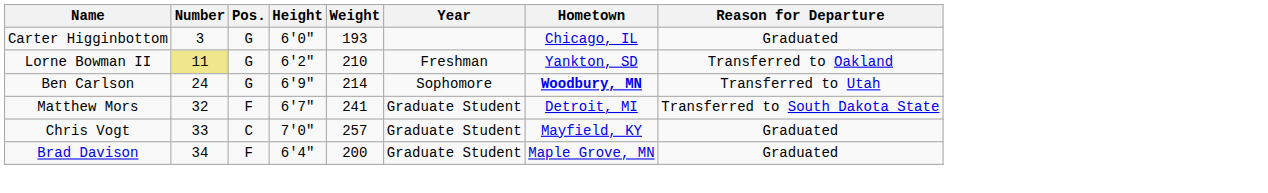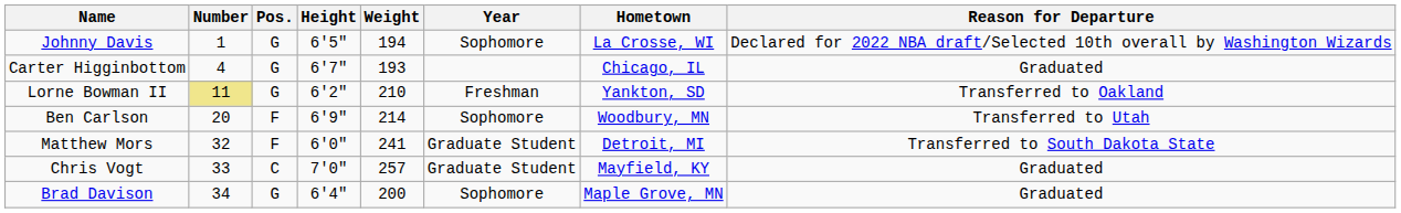 <table class="wikitable sortable" style="text-align: center">
 <tr align=center>
 <th>Name</th>
 <th>Number</th>
 <th>Pos.</th>
 <th>Height</th>
 <th>Weight</th>
 <th>Year</th>
 <th>Hometown</th>
 <th>Reason for Departure</th>
 </tr>
 <tr>
+<td><a href='#'>Johnny Davis</a></td>
+<td>1</td>
+<td>G</td>
+<td>6'5"</td>
+<td>194</td>
+<td>Sophomore</td>
+<td><a href='#'>La Crosse, WI</a></td>
+<td>Declared for <a href='#'>2022 NBA draft</a>/Selected 10th overall by <a href='#'>Washington Wizards</a></td>
+</tr>
+<tr>
 <td>Carter Higginbottom</td>
-<td>3</td>
+<td>4</td>
 <td>G</td>
-<td>6'0"</td>
+<td>6'7"</td>
 <td>193</td>
 <td></td>
 <td><a href='#'>Chicago, IL</a></td>
 <td>Graduated</td>
 </tr>
 <tr>
 <td>Lorne Bowman II</td>
 <td style="background: khaki;">11</td>
 <td>G</td>
 <td>6'2"</td>
 <td>210</td>
 <td>Freshman</td>
 <td><a href='#'>Yankton, SD</a></td>
 <td>Transferred to <a href='#'>Oakland</a></td>
 </tr>
 <tr>
 <td>Ben Carlson</td>
-<td>24</td>
-<td>G</td>
+<td>20</td>
+<td>F</td>
 <td>6'9"</td>
 <td>214</td>
 <td>Sophomore</td>
-<td><strong><a href='#'>Woodbury, MN</a></strong></td>
+<td><a href='#'>Woodbury, MN</a></td>
 <td>Transferred to <a href='#'>Utah</a></td>
 </tr>
 <tr>
 <td>Matthew Mors</td>
 <td>32</td>
 <td>F</td>
-<td>6'7"</td>
+<td>6'0"</td>
 <td>241</td>
 <td>Graduate Student</td>
 <td><a href='#'>Detroit, MI</a></td>
 <td>Transferred to <a href='#'>South Dakota State</a></td>
 </tr>
 <tr>
 <td>Chris Vogt</td>
 <td>33</td>
 <td>C</td>
 <td>7'0"</td>
 <td>257</td>
 <td>Graduate Student</td>
 <td><a href='#'>Mayfield, KY</a></td>
 <td>Graduated</td>
 </tr>
 <tr>
 <td><a href='#'>Brad Davison</a></td>
 <td>34</td>
-<td>F</td>
+<td>G</td>
 <td>6'4"</td>
 <td>200</td>
-<td>Graduate Student</td>
+<td>Sophomore</td>
 <td><a href='#'>Maple Grove, MN</a></td>
 <td>Graduated</td>
 </tr>
 </table>
